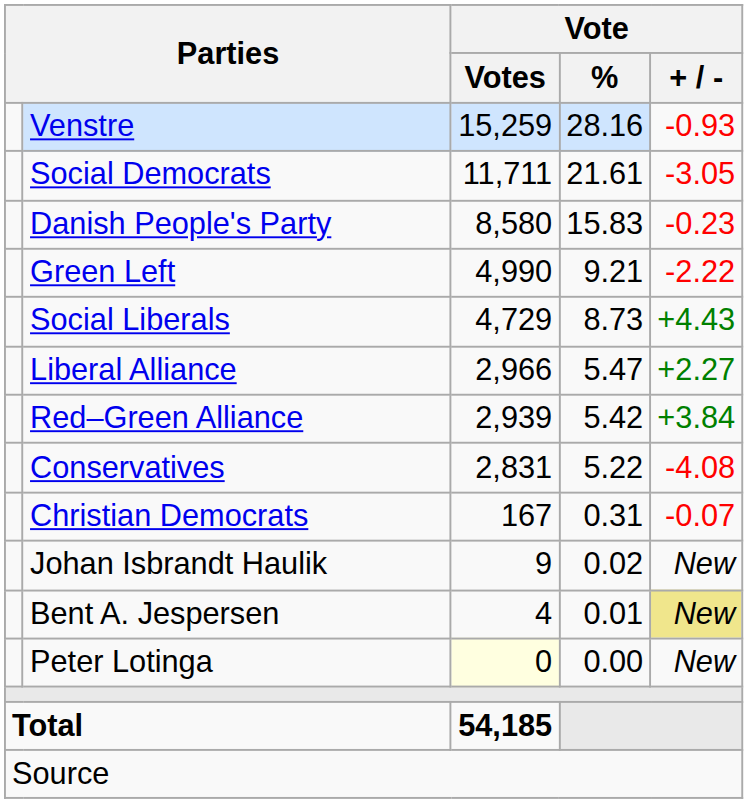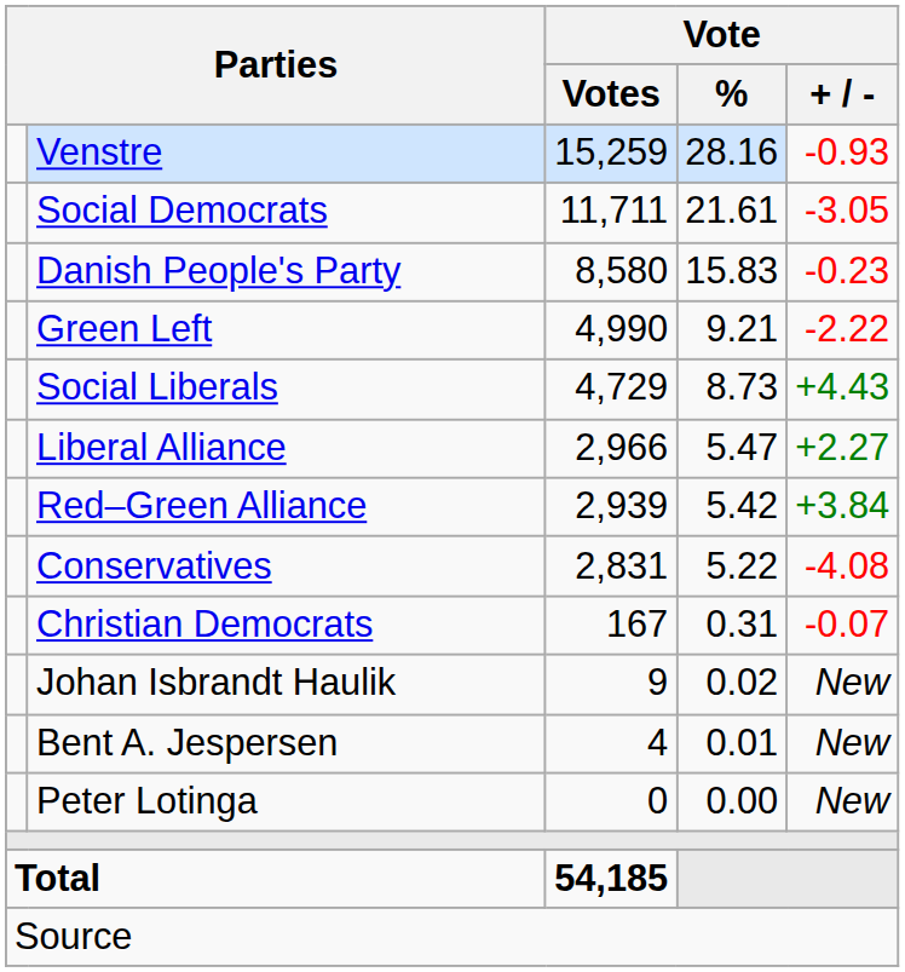 <table class="wikitable" style="text-align:right;">
 <tr>
 <th style="text-align:centre;" rowspan="2" colspan="2" width="225">Parties</th>
 <th colspan="3">Vote</th>
 </tr>
 <tr>
 <th width="15">Votes</th>
 <th width="15">%</th>
 <th width="15">+ / -</th>
 </tr>
 <tr>
 <td width="2" style="color:inherit;background:"></td>
 <td bgcolor=#cfe5fe  align="left"><a href='#'>Venstre</a></td>
 <td bgcolor=#cfe5fe>15,259</td>
 <td bgcolor=#cfe5fe>28.16</td>
 <td style=color:red;>-0.93</td>
 </tr>
 <tr>
 <td width="2" style="color:inherit;background:"></td>
 <td align="left"><a href='#'>Social Democrats</a></td>
 <td>11,711</td>
 <td>21.61</td>
 <td style=color:red;>-3.05</td>
 </tr>
 <tr>
 <td width="2" style="color:inherit;background:"></td>
 <td align="left"><a href='#'>Danish People's Party</a></td>
 <td>8,580</td>
 <td>15.83</td>
 <td style=color:red;>-0.23</td>
 </tr>
 <tr>
 <td width="2" style="color:inherit;background:"></td>
 <td align="left"><a href='#'>Green Left</a></td>
 <td>4,990</td>
 <td>9.21</td>
 <td style=color:red;>-2.22</td>
 </tr>
 <tr>
 <td width="2" style="color:inherit;background:"></td>
 <td align="left"><a href='#'>Social Liberals</a></td>
 <td>4,729</td>
 <td>8.73</td>
 <td style=color:green;>+4.43</td>
 </tr>
 <tr>
 <td width="2" style="color:inherit;background:"></td>
 <td align="left"><a href='#'>Liberal Alliance</a></td>
 <td>2,966</td>
 <td>5.47</td>
 <td style=color:green;>+2.27</td>
 </tr>
 <tr>
 <td width="2" style="color:inherit;background:"></td>
 <td align="left"><a href='#'>Red–Green Alliance</a></td>
 <td>2,939</td>
 <td>5.42</td>
 <td style=color:green;>+3.84</td>
 </tr>
 <tr>
 <td width="2" style="color:inherit;background:"></td>
 <td align="left"><a href='#'>Conservatives</a></td>
 <td>2,831</td>
 <td>5.22</td>
 <td style=color:red;>-4.08</td>
 </tr>
 <tr>
 <td width="2" style="color:inherit;background:"></td>
 <td align="left"><a href='#'>Christian Democrats</a></td>
 <td>167</td>
 <td>0.31</td>
 <td style=color:red;>-0.07</td>
 </tr>
 <tr>
 <td width="2" style="color:inherit;background:"></td>
 <td align="left">Johan Isbrandt Haulik</td>
 <td>9</td>
 <td>0.02</td>
 <td><em>New</em></td>
 </tr>
 <tr>
 <td width="2" style="color:inherit;background:"></td>
 <td align="left">Bent A. Jespersen</td>
 <td>4</td>
 <td>0.01</td>
-<td style="background: khaki;"><em>New</em></td>
+<td><em>New</em></td>
 </tr>
 <tr>
 <td width="2" style="color:inherit;background:"></td>
 <td align="left">Peter Lotinga</td>
-<td style="background: lightyellow;">0</td>
+<td>0</td>
 <td>0.00</td>
 <td><em>New</em></td>
 </tr>
 <tr>
 <td colspan="7" bgcolor="#E9E9E9"></td>
 </tr>
 <tr>
 <td align="left" colspan="2"><strong>Total</strong></td>
 <td><strong>54,185</strong></td>
 <td bgcolor="#E9E9E9" colspan="2"></td>
 </tr>
 <tr>
 <td align="left" colspan="6">Source</td>
 </tr>
 </table>
